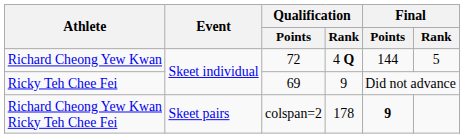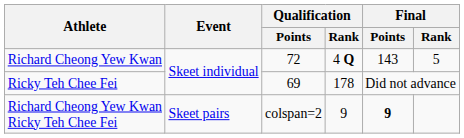 <table class="wikitable" style="font-size:90%;">
 <tr>
 <th rowspan=2>Athlete</th>
 <th rowspan=2>Event</th>
 <th colspan=2>Qualification</th>
 <th colspan=2>Final</th>
 </tr>
 <tr style="font-size:95%">
 <th>Points</th>
 <th>Rank</th>
 <th>Points</th>
 <th>Rank</th>
 </tr>
 <tr align=center>
 <td align=left><a href='#'>Richard Cheong Yew Kwan</a></td>
 <td align=left rowspan=2><a href='#'>Skeet individual</a></td>
 <td>72</td>
 <td>4 <strong>Q</strong></td>
-<td>144</td>
+<td>143</td>
 <td>5</td>
 </tr>
 <tr align=center>
 <td align=left><a href='#'>Ricky Teh Chee Fei</a></td>
 <td>69</td>
-<td>9</td>
+<td>178</td>
 <td colspan=2>Did not advance</td>
 </tr>
 <tr align=center>
 <td align=left><a href='#'>Richard Cheong Yew Kwan</a><br><a href='#'>Ricky Teh Chee Fei</a></td>
 <td align=left><a href='#'>Skeet pairs</a></td>
 <td>colspan=2 </td>
-<td>178</td>
+<td>9</td>
 <td><strong>9</strong></td>
 </tr>
 </table>
